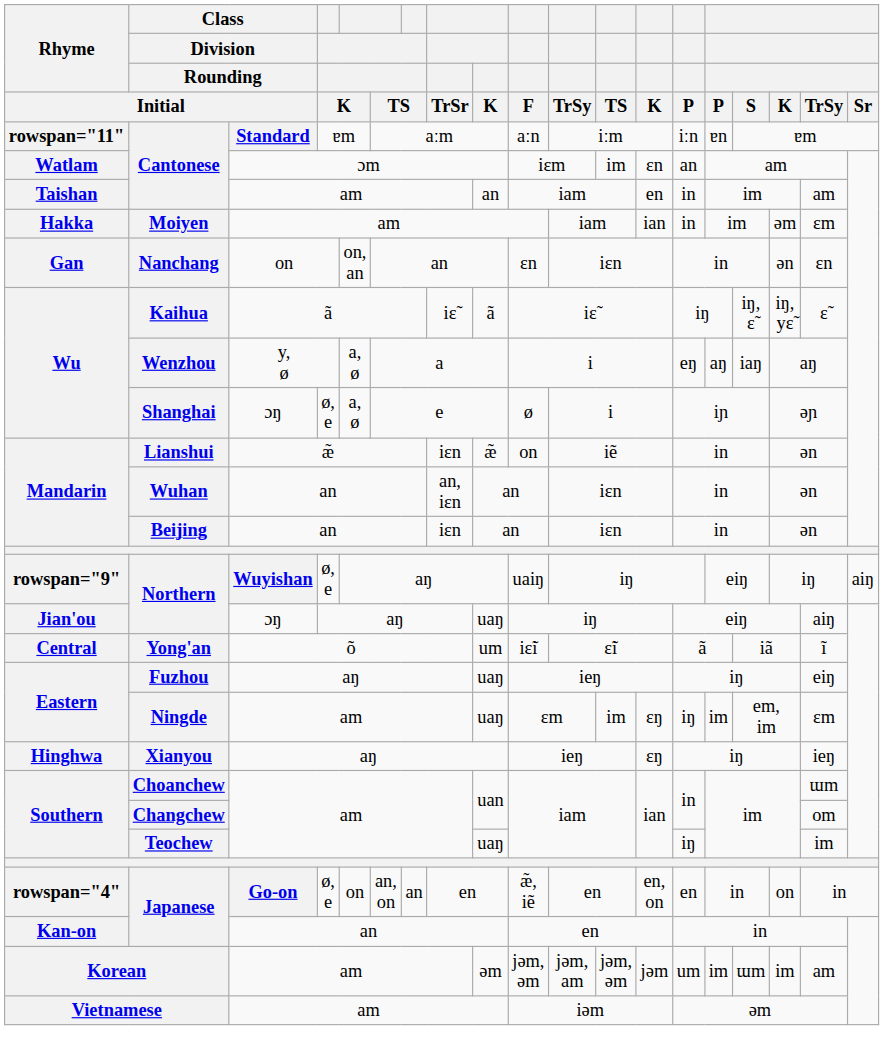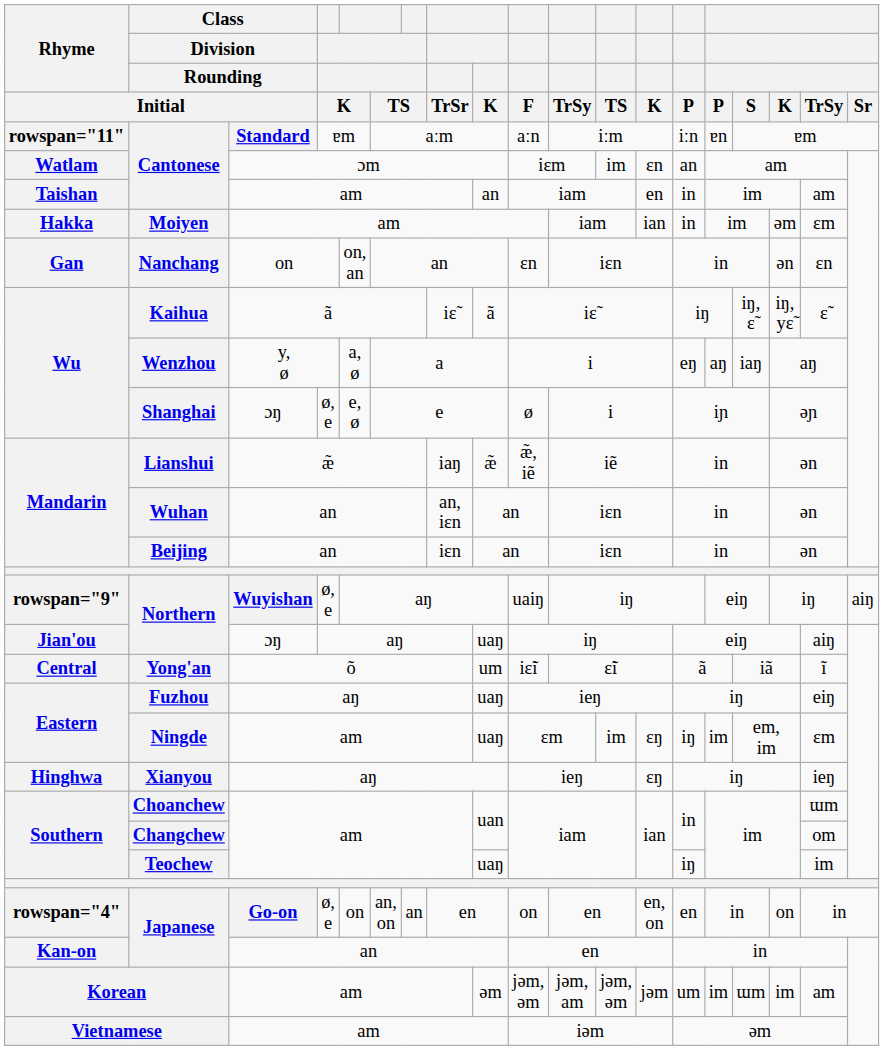 <table class="wikitable" style="text-align: center;">
 <tr>
 <th rowspan="3">Rhyme</th>
 <th colspan="2">Class</th>
 <th></th>
 <th colspan="2"></th>
 <th></th>
 <th colspan="2"></th>
 <th></th>
 <th></th>
 <th></th>
 <th></th>
 <th></th>
 <th colspan="5"></th>
 </tr>
 <tr>
 <th colspan="2">Division</th>
 <th colspan="4"></th>
 <th colspan="2"></th>
 <th></th>
 <th></th>
 <th></th>
 <th></th>
 <th></th>
 <th colspan="5"></th>
 </tr>
 <tr>
 <th colspan="2">Rounding</th>
 <th colspan="4"></th>
 <th></th>
 <th></th>
 <th></th>
 <th></th>
 <th></th>
 <th></th>
 <th></th>
 <th colspan="5"></th>
 </tr>
 <tr>
 <th colspan="3">Initial</th>
 <th colspan="2">K</th>
 <th colspan="2">TS</th>
 <th>TrSr</th>
 <th>K</th>
 <th>F</th>
 <th>TrSy</th>
 <th>TS</th>
 <th>K</th>
 <th>P</th>
 <th>P</th>
 <th>S</th>
 <th>K</th>
 <th>TrSy</th>
 <th>Sr</th>
 </tr>
 <tr>
 <th>rowspan="11" </th>
 <th rowspan="3"><a href='#'>Cantonese</a></th>
 <th><a href='#'>Standard</a></th>
 <td colspan="2">ɐm</td>
 <td colspan="4">aːm</td>
 <td>aːn</td>
 <td colspan="3">iːm</td>
 <td>iːn</td>
 <td>ɐn</td>
 <td colspan="4">ɐm</td>
 </tr>
 <tr>
 <th><a href='#'>Watlam</a></th>
 <td colspan="7">ɔm</td>
 <td colspan="2">iɛm</td>
 <td>im</td>
 <td>ɛn</td>
 <td>an</td>
 <td colspan="4">am</td>
 </tr>
 <tr>
 <th><a href='#'>Taishan</a></th>
 <td colspan="6">am</td>
 <td>an</td>
 <td colspan="3">iam</td>
 <td>en</td>
 <td>in</td>
 <td colspan="3">im</td>
 <td>am</td>
 </tr>
 <tr>
 <th><a href='#'>Hakka</a></th>
 <th><a href='#'>Moiyen</a></th>
 <td colspan="8">am</td>
 <td colspan="2">iam</td>
 <td>ian</td>
 <td>in</td>
 <td colspan="2">im</td>
 <td>əm</td>
 <td>ɛm</td>
 </tr>
 <tr>
 <th><a href='#'>Gan</a></th>
 <th><a href='#'>Nanchang</a></th>
 <td colspan="2">on</td>
 <td>on,<br>an</td>
 <td colspan="4">an</td>
 <td>ɛn</td>
 <td colspan="3">iɛn</td>
 <td colspan="3">in</td>
 <td>ən</td>
 <td>ɛn</td>
 </tr>
 <tr>
 <th rowspan="3"><a href='#'>Wu</a></th>
 <th><a href='#'>Kaihua</a></th>
 <td colspan="5">ã</td>
 <td>iɛ̃</td>
 <td>ã</td>
 <td colspan="4">iɛ̃</td>
 <td colspan="2">iŋ</td>
 <td>iŋ,<br>ɛ̃</td>
 <td>iŋ,<br>yɛ̃</td>
 <td>ɛ̃</td>
 </tr>
 <tr>
 <th><a href='#'>Wenzhou</a></th>
 <td colspan="2">y,<br>ø</td>
 <td>a,<br>ø</td>
 <td colspan="4">a</td>
 <td colspan="4">i</td>
 <td>eŋ</td>
 <td>aŋ</td>
 <td>iaŋ</td>
 <td colspan="2">aŋ</td>
 </tr>
 <tr>
 <th><a href='#'>Shanghai</a></th>
 <td>ɔŋ</td>
 <td>ø,<br>e</td>
-<td>a,<br>ø</td>
+<td>e,<br>ø</td>
 <td colspan="4">e</td>
 <td>ø</td>
 <td colspan="3">i</td>
 <td colspan="3">iɲ</td>
 <td colspan="2">əɲ</td>
 </tr>
 <tr>
 <th rowspan="3"><a href='#'>Mandarin</a></th>
 <th><a href='#'>Lianshui</a></th>
 <td colspan="5">æ̃</td>
-<td>iɛn</td>
+<td>iaŋ</td>
 <td>æ̃</td>
-<td>on</td>
+<td>æ̃,<br>iẽ</td>
 <td colspan="3">iẽ</td>
 <td colspan="3">in</td>
 <td colspan="2">ən</td>
 </tr>
 <tr>
 <th><a href='#'>Wuhan</a></th>
 <td colspan="5">an</td>
 <td>an,<br>iɛn</td>
 <td colspan="2">an</td>
 <td colspan="3">iɛn</td>
 <td colspan="3">in</td>
 <td colspan="2">ən</td>
 </tr>
 <tr>
 <th><a href='#'>Beijing</a></th>
 <td colspan="5">an</td>
 <td>iɛn</td>
 <td colspan="2">an</td>
 <td colspan="3">iɛn</td>
 <td colspan="3">in</td>
 <td colspan="2">ən</td>
 </tr>
 <tr>
 <th colspan="19"></th>
 </tr>
 <tr>
 <th>rowspan="9" </th>
 <th rowspan="2"><a href='#'>Northern</a></th>
 <th><a href='#'>Wuyishan</a></th>
 <td>ø,<br>e</td>
 <td colspan="5">aŋ</td>
 <td>uaiŋ</td>
 <td colspan="4">iŋ</td>
 <td colspan="2">eiŋ</td>
 <td colspan="2">iŋ</td>
 <td>aiŋ</td>
 </tr>
 <tr>
 <th><a href='#'>Jian'ou</a></th>
 <td>ɔŋ</td>
 <td colspan="5">aŋ</td>
 <td>uaŋ</td>
 <td colspan="4">iŋ</td>
 <td colspan="4">eiŋ</td>
 <td>aiŋ</td>
 </tr>
 <tr>
 <th><a href='#'>Central</a></th>
 <th><a href='#'>Yong'an</a></th>
 <td colspan="6">õ</td>
 <td>um</td>
 <td>iɛ̃i</td>
 <td colspan="3">ɛ̃i</td>
 <td colspan="2">ã</td>
 <td colspan="2">iã</td>
 <td>ĩ</td>
 </tr>
 <tr>
 <th rowspan="2"><a href='#'>Eastern</a></th>
 <th><a href='#'>Fuzhou</a></th>
 <td colspan="6">aŋ</td>
 <td>uaŋ</td>
 <td colspan="4">ieŋ</td>
 <td colspan="4">iŋ</td>
 <td>eiŋ</td>
 </tr>
 <tr>
 <th><a href='#'>Ningde</a></th>
 <td colspan="6">am</td>
 <td>uaŋ</td>
 <td colspan="2">ɛm</td>
 <td>im</td>
 <td>ɛŋ</td>
 <td>iŋ</td>
 <td>im</td>
 <td colspan="2">em,<br>im</td>
 <td>ɛm</td>
 </tr>
 <tr>
 <th><a href='#'>Hinghwa</a></th>
 <th><a href='#'>Xianyou</a></th>
 <td colspan="7">aŋ</td>
 <td colspan="3">ieŋ</td>
 <td>ɛŋ</td>
 <td colspan="4">iŋ</td>
 <td>ieŋ</td>
 </tr>
 <tr>
 <th rowspan="3"><a href='#'>Southern</a></th>
 <th><a href='#'>Choanchew</a></th>
 <td colspan="6" rowspan="3">am</td>
 <td rowspan="2">uan</td>
 <td colspan="3" rowspan="3">iam</td>
 <td rowspan="3">ian</td>
 <td rowspan="2">in</td>
 <td colspan="3" rowspan="3">im</td>
 <td>ɯm</td>
 </tr>
 <tr>
 <th><a href='#'>Changchew</a></th>
 <td>om</td>
 </tr>
 <tr>
 <th><a href='#'>Teochew</a></th>
 <td>uaŋ</td>
 <td>iŋ</td>
 <td>im</td>
 </tr>
 <tr>
 <th colspan="19"></th>
 </tr>
 <tr>
 <th>rowspan="4" </th>
 <th rowspan="2"><a href='#'>Japanese</a></th>
 <th><a href='#'>Go-on</a></th>
 <td>ø,<br>e</td>
 <td>on</td>
 <td>an,<br>on</td>
 <td>an</td>
 <td colspan="2">en</td>
-<td>æ̃,<br>iẽ</td>
+<td>on</td>
 <td colspan="2">en</td>
 <td>en,<br>on</td>
 <td>en</td>
 <td colspan="2">in</td>
 <td>on</td>
 <td colspan="2">in</td>
 </tr>
 <tr>
 <th><a href='#'>Kan-on</a></th>
 <td colspan="7">an</td>
 <td colspan="4">en</td>
 <td colspan="5">in</td>
 </tr>
 <tr>
 <th colspan="2"><a href='#'>Korean</a></th>
 <td colspan="6">am</td>
 <td>əm</td>
 <td>jəm,<br>əm</td>
 <td>jəm,<br>am</td>
 <td>jəm,<br>əm</td>
 <td>jəm</td>
 <td>um</td>
 <td>im</td>
 <td>ɯm</td>
 <td>im</td>
 <td>am</td>
 </tr>
 <tr>
 <th colspan="2"><a href='#'>Vietnamese</a></th>
 <td colspan="7">am</td>
 <td colspan="4">iəm</td>
 <td colspan="5">əm</td>
 </tr>
 </table>
